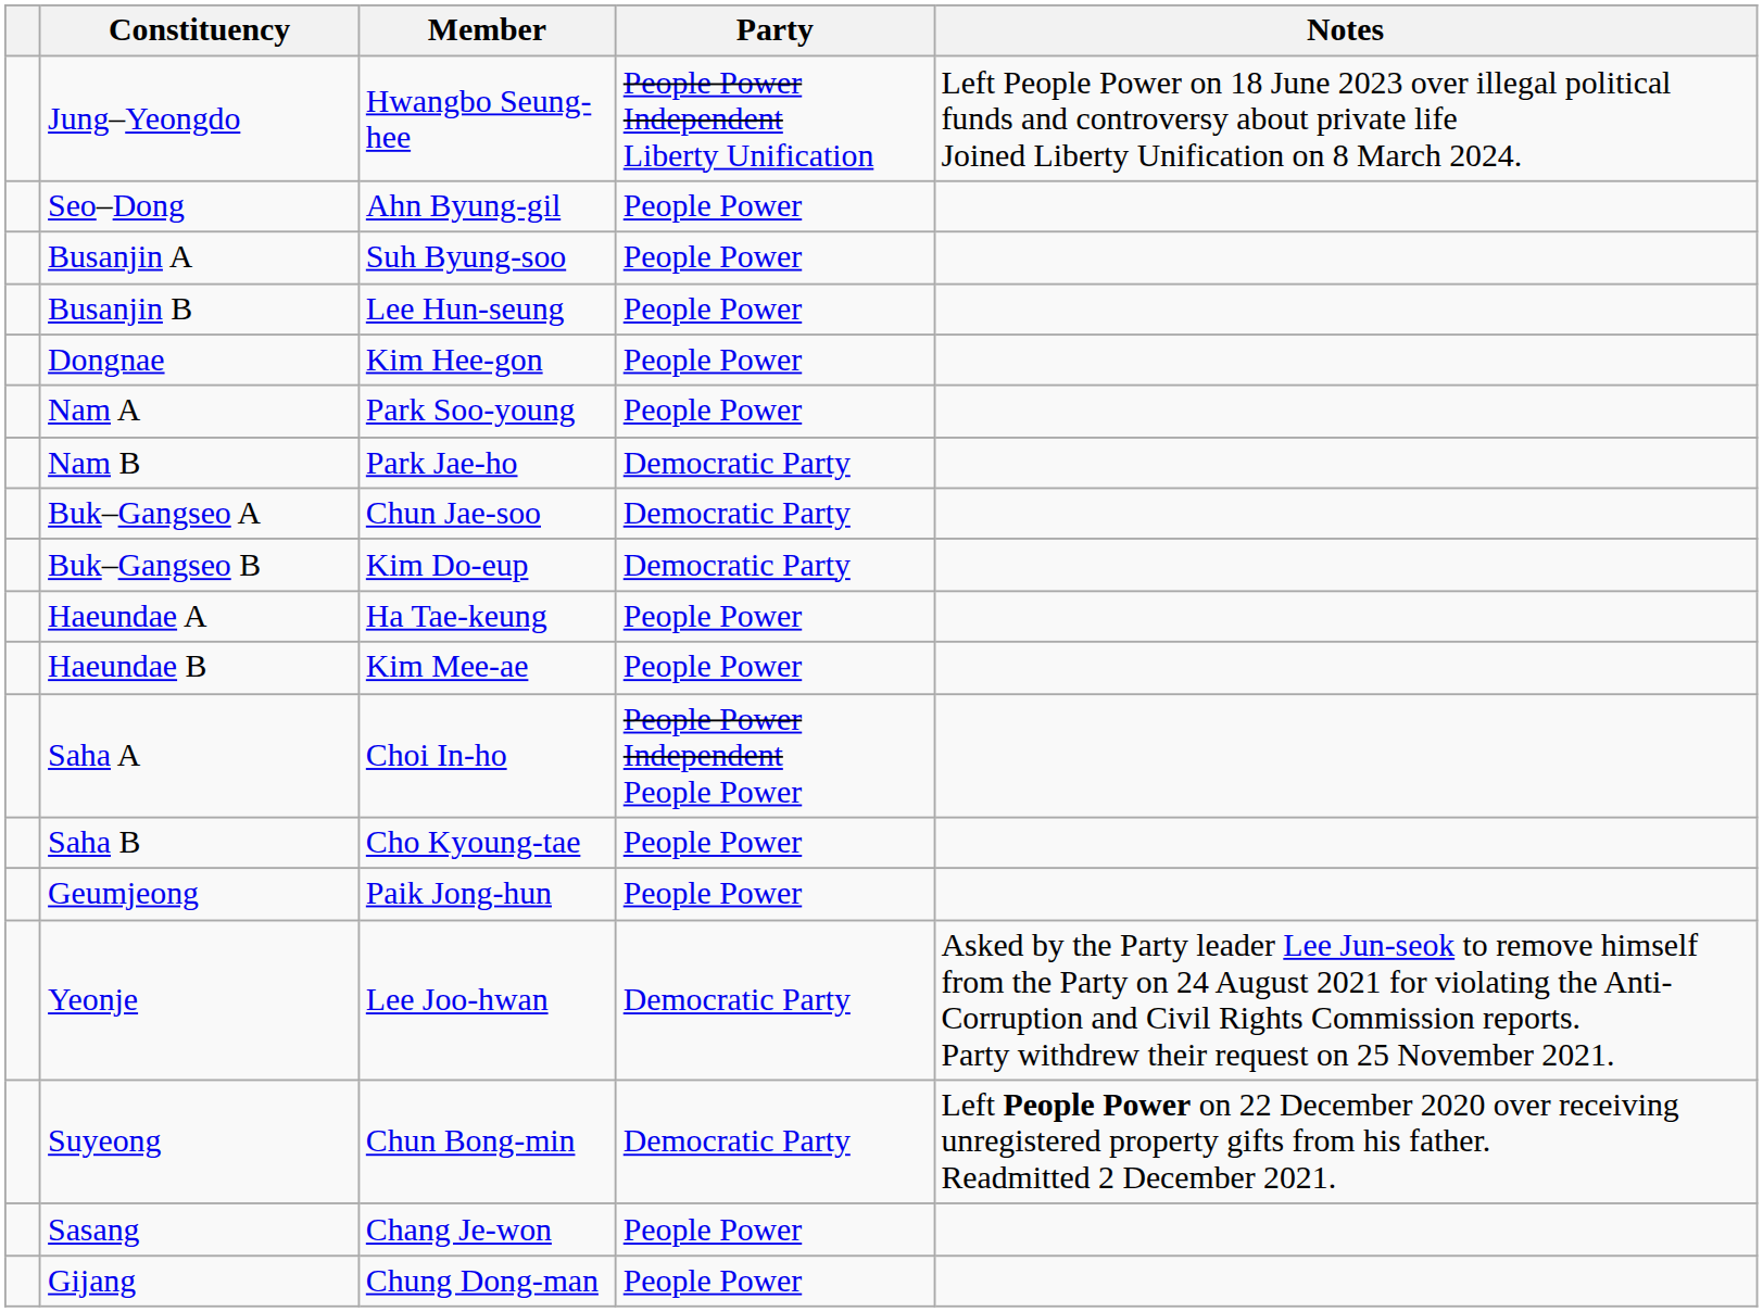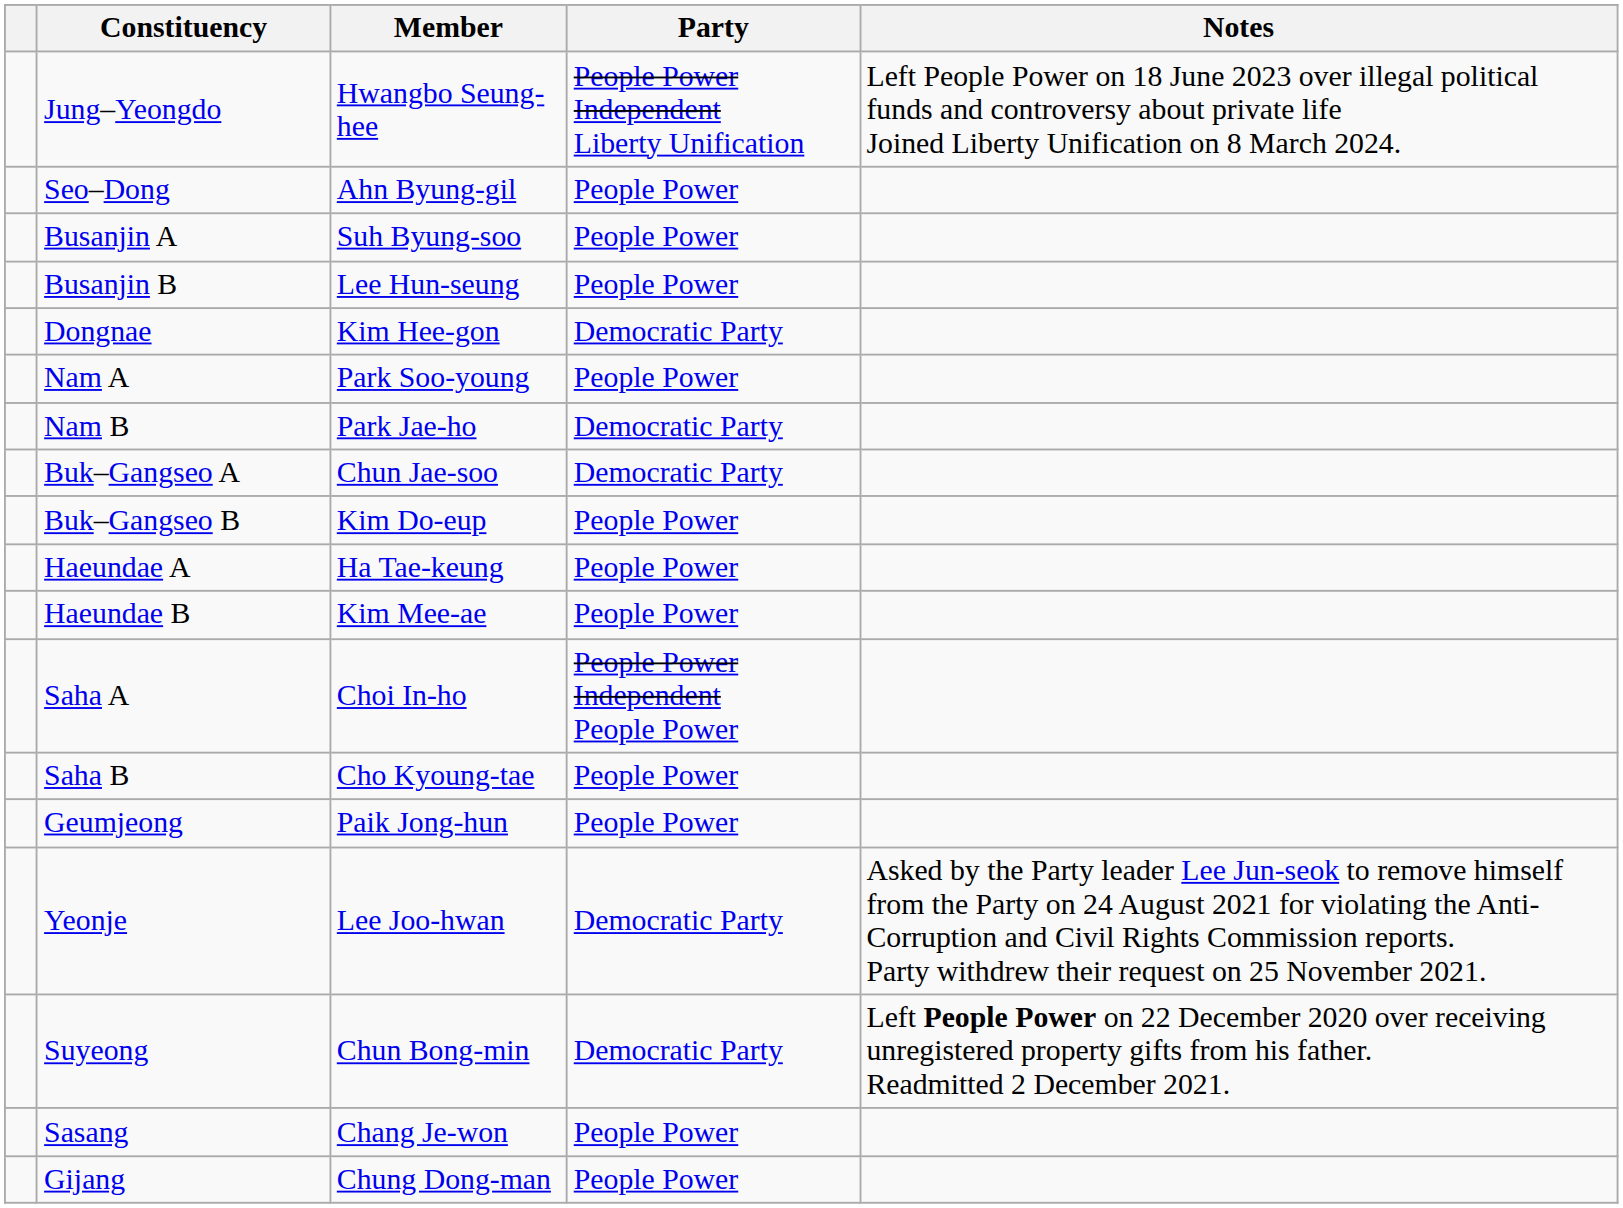 <table class="wikitable sortable">
 <tr>
 <th scope="col" style="width:10px;" class="unsortable"></th>
 <th scope="col" style="width:150px;">Constituency</th>
 <th scope="col" style="width:120px;">Member</th>
 <th scope="col" style="width:150px;">Party</th>
 <th scope="col" style="width:400px;" class="unsortable">Notes</th>
 </tr>
 <tr>
 <td scope="row" style="background-color:"></td>
 <td><a href='#'>Jung</a>–<a href='#'>Yeongdo</a></td>
 <td><a href='#'>Hwangbo Seung-hee</a></td>
 <td><s><a href='#'>People Power</a></s><br><s><a href='#'>Independent</a></s><br><a href='#'>Liberty Unification</a></td>
 <td>Left People Power on 18 June 2023 over illegal political funds and controversy about private life<br>Joined Liberty Unification on 8 March 2024.</td>
 </tr>
 <tr>
 <td scope="row" style="background-color:"></td>
 <td><a href='#'>Seo</a>–<a href='#'>Dong</a></td>
 <td><a href='#'>Ahn Byung-gil</a></td>
 <td><a href='#'>People Power</a></td>
 <td></td>
 </tr>
 <tr>
 <td scope="row" style="background-color:"></td>
 <td><a href='#'>Busanjin</a> A</td>
 <td><a href='#'>Suh Byung-soo</a></td>
 <td><a href='#'>People Power</a></td>
 <td></td>
 </tr>
 <tr>
 <td scope="row" style="background-color:"></td>
 <td><a href='#'>Busanjin</a> B</td>
 <td><a href='#'>Lee Hun-seung</a></td>
 <td><a href='#'>People Power</a></td>
 <td></td>
 </tr>
 <tr>
 <td scope="row" style="background-color:"></td>
 <td><a href='#'>Dongnae</a></td>
 <td><a href='#'>Kim Hee-gon</a></td>
-<td><a href='#'>People Power</a></td>
+<td><a href='#'>Democratic Party</a></td>
 <td></td>
 </tr>
 <tr>
 <td scope="row" style="background-color:"></td>
 <td><a href='#'>Nam</a> A</td>
 <td><a href='#'>Park Soo-young</a></td>
 <td><a href='#'>People Power</a></td>
 <td></td>
 </tr>
 <tr>
 <td scope="row" style="background-color:"></td>
 <td><a href='#'>Nam</a> B</td>
 <td><a href='#'>Park Jae-ho</a></td>
 <td><a href='#'>Democratic Party</a></td>
 <td></td>
 </tr>
 <tr>
 <td scope="row" style="background-color:"></td>
 <td><a href='#'>Buk</a>–<a href='#'>Gangseo</a> A</td>
 <td><a href='#'>Chun Jae-soo</a></td>
 <td><a href='#'>Democratic Party</a></td>
 <td></td>
 </tr>
 <tr>
 <td scope="row" style="background-color:"></td>
 <td><a href='#'>Buk</a>–<a href='#'>Gangseo</a> B</td>
 <td><a href='#'>Kim Do-eup</a></td>
-<td><a href='#'>Democratic Party</a></td>
+<td><a href='#'>People Power</a></td>
 <td></td>
 </tr>
 <tr>
 <td scope="row" style="background-color:"></td>
 <td><a href='#'>Haeundae</a> A</td>
 <td><a href='#'>Ha Tae-keung</a></td>
 <td><a href='#'>People Power</a></td>
 <td></td>
 </tr>
 <tr>
 <td scope="row" style="background-color:"></td>
 <td><a href='#'>Haeundae</a> B</td>
 <td><a href='#'>Kim Mee-ae</a></td>
 <td><a href='#'>People Power</a></td>
 <td></td>
 </tr>
 <tr>
 <td scope="row" style="background-color:"></td>
 <td><a href='#'>Saha</a> A</td>
 <td><a href='#'>Choi In-ho</a></td>
 <td><s><a href='#'>People Power</a></s><br><s><a href='#'>Independent</a></s><br><a href='#'>People Power</a></td>
 <td></td>
 </tr>
 <tr>
 <td scope="row" style="background-color:"></td>
 <td><a href='#'>Saha</a> B</td>
 <td><a href='#'>Cho Kyoung-tae</a></td>
 <td><a href='#'>People Power</a></td>
 <td></td>
 </tr>
 <tr>
 <td scope="row" style="background-color:"></td>
 <td><a href='#'>Geumjeong</a></td>
 <td><a href='#'>Paik Jong-hun</a></td>
 <td><a href='#'>People Power</a></td>
 <td></td>
 </tr>
 <tr>
 <td scope="row" style="background-color:"></td>
 <td><a href='#'>Yeonje</a></td>
 <td><a href='#'>Lee Joo-hwan</a></td>
 <td><a href='#'>Democratic Party</a></td>
 <td>Asked by the Party leader <a href='#'>Lee Jun-seok</a> to remove himself from the Party on 24 August 2021 for violating the Anti-Corruption and Civil Rights Commission reports. <br> Party withdrew their request on 25 November 2021.</td>
 </tr>
 <tr>
 <td scope="row" style="background-color:"></td>
 <td><a href='#'>Suyeong</a></td>
 <td><a href='#'>Chun Bong-min</a></td>
 <td><a href='#'>Democratic Party</a></td>
 <td>Left <strong>People Power</strong> on 22 December 2020 over receiving unregistered property gifts from his father.<br> Readmitted 2 December 2021.</td>
 </tr>
 <tr>
 <td scope="row" style="background-color:"></td>
 <td><a href='#'>Sasang</a></td>
 <td><a href='#'>Chang Je-won</a></td>
 <td><a href='#'>People Power</a></td>
 <td></td>
 </tr>
 <tr>
 <td scope="row" style="background-color:"></td>
 <td><a href='#'>Gijang</a></td>
 <td><a href='#'>Chung Dong-man</a></td>
 <td><a href='#'>People Power</a></td>
 <td></td>
 </tr>
 </table>
